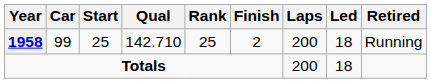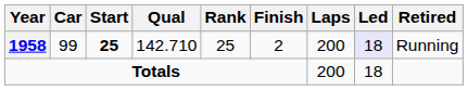 <table class="wikitable" style="text-align:center">
 <tr>
 <th>Year</th>
 <th>Car</th>
 <th>Start</th>
 <th>Qual</th>
 <th>Rank</th>
 <th>Finish</th>
 <th>Laps</th>
 <th>Led</th>
 <th>Retired</th>
 </tr>
 <tr>
 <th><a href='#'>1958</a></th>
 <td>99</td>
-<td>25</td>
+<td><strong>25</strong></td>
 <td>142.710</td>
 <td>25</td>
 <td>2</td>
 <td>200</td>
-<td>18</td>
+<td style="background: lavender;">18</td>
 <td>Running</td>
 </tr>
 <tr>
 <td colspan=6><strong>Totals</strong></td>
 <td>200</td>
 <td>18</td>
 <td></td>
 </tr>
 </table>
